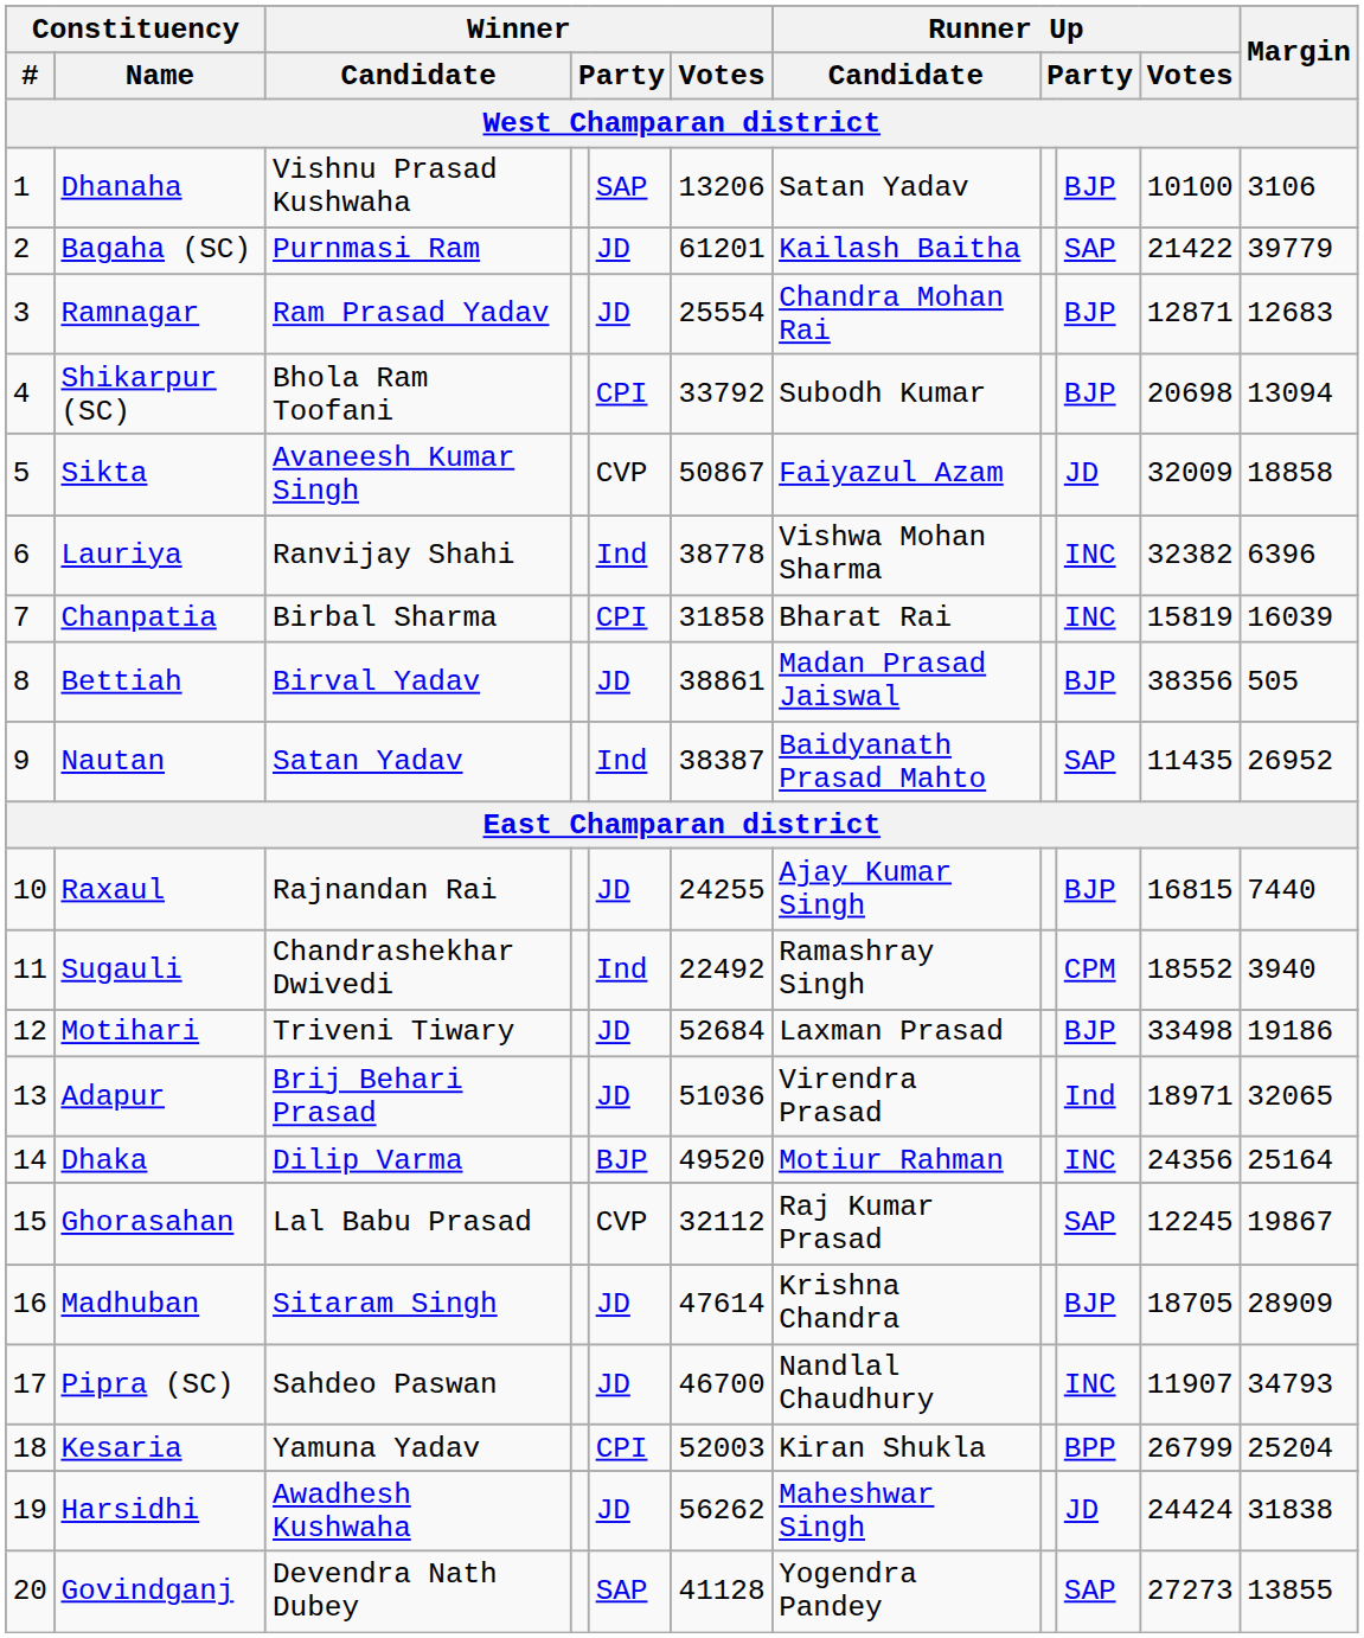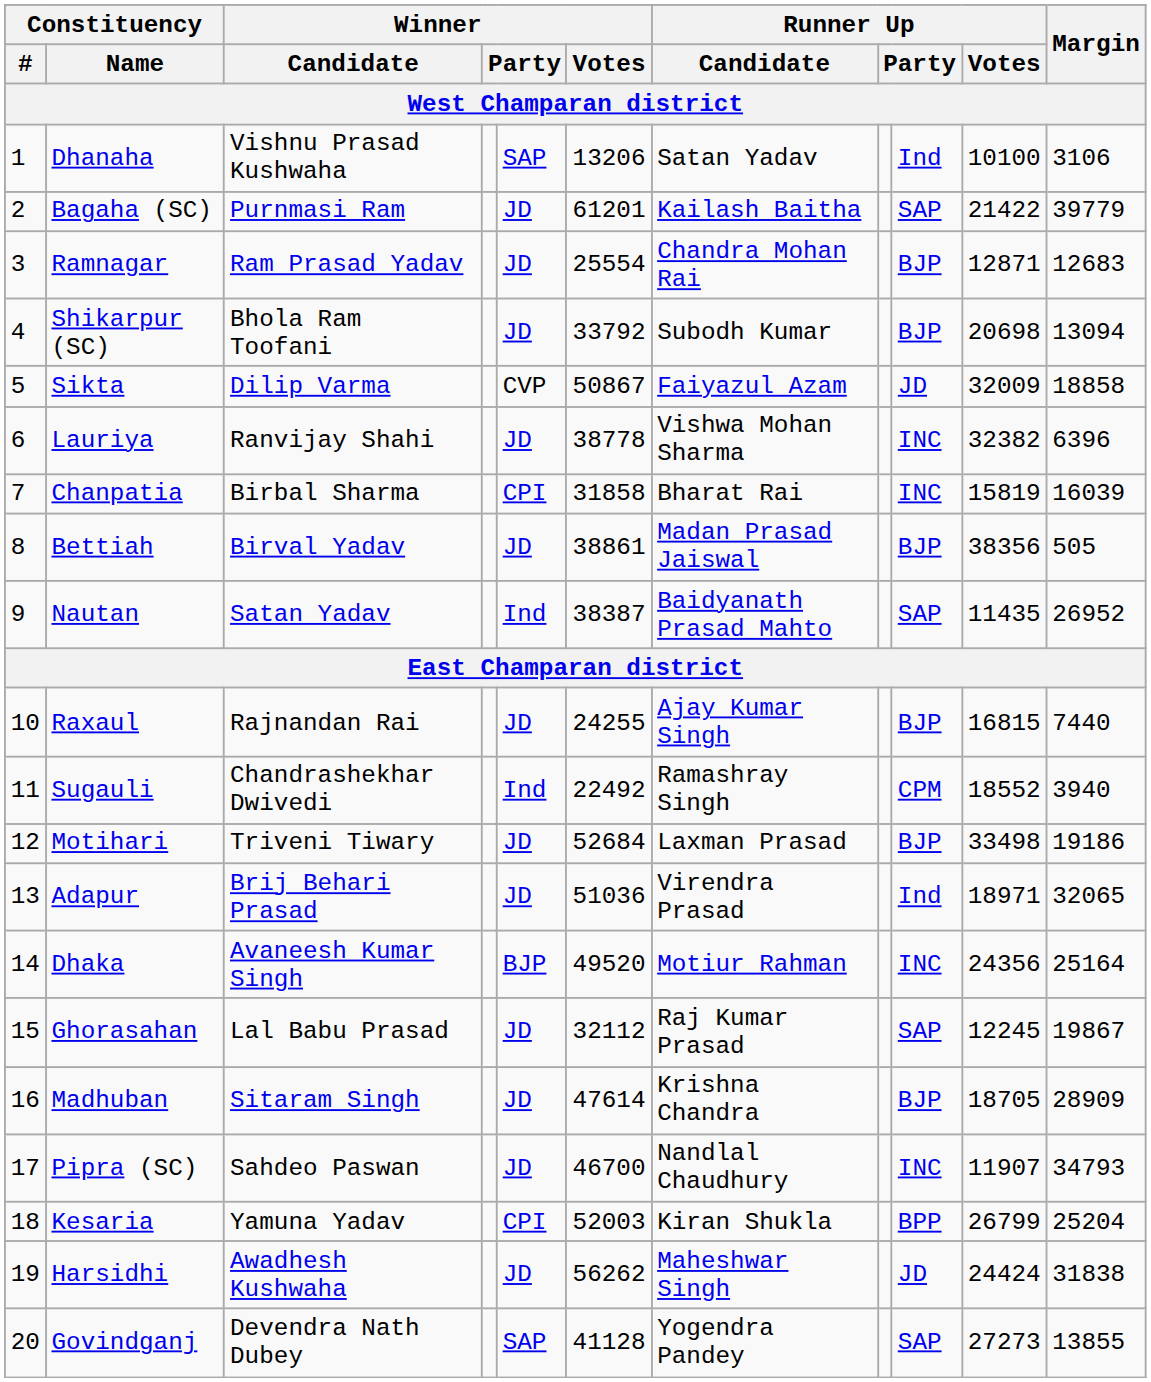 <table class="wikitable sortable">
 <tr>
 <th colspan="2">Constituency</th>
 <th colspan="4">Winner</th>
 <th colspan="4">Runner Up</th>
 <th rowspan="2">Margin</th>
 </tr>
 <tr>
 <th>#</th>
 <th>Name</th>
 <th>Candidate</th>
 <th colspan="2">Party</th>
 <th>Votes</th>
 <th>Candidate</th>
 <th colspan="2">Party</th>
 <th>Votes</th>
 </tr>
 <tr>
 <th colspan="11"><a href='#'>West Champaran district</a></th>
 </tr>
 <tr>
 <td>1</td>
 <td><a href='#'>Dhanaha</a></td>
 <td>Vishnu Prasad Kushwaha</td>
 <td style="background-color: "></td>
 <td><a href='#'>SAP</a></td>
 <td>13206</td>
 <td>Satan Yadav</td>
 <td style="background-color: "></td>
-<td><a href='#'>BJP</a></td>
+<td><a href='#'>Ind</a></td>
 <td>10100</td>
 <td>3106</td>
 </tr>
 <tr>
 <td>2</td>
 <td><a href='#'>Bagaha</a> (SC)</td>
 <td><a href='#'>Purnmasi Ram</a></td>
 <td style="background-color: "></td>
 <td><a href='#'>JD</a></td>
 <td>61201</td>
 <td><a href='#'>Kailash Baitha</a></td>
 <td style="background-color: "></td>
 <td><a href='#'>SAP</a></td>
 <td>21422</td>
 <td>39779</td>
 </tr>
 <tr>
 <td>3</td>
 <td><a href='#'>Ramnagar</a></td>
 <td><a href='#'>Ram Prasad Yadav</a></td>
 <td style="background-color: "></td>
 <td><a href='#'>JD</a></td>
 <td>25554</td>
 <td><a href='#'>Chandra Mohan Rai</a></td>
 <td style="background-color: "></td>
 <td><a href='#'>BJP</a></td>
 <td>12871</td>
 <td>12683</td>
 </tr>
 <tr>
 <td>4</td>
 <td><a href='#'>Shikarpur</a> (SC)</td>
 <td>Bhola Ram Toofani</td>
 <td style="background-color: "></td>
-<td><a href='#'>CPI</a></td>
+<td><a href='#'>JD</a></td>
 <td>33792</td>
 <td>Subodh Kumar</td>
 <td style="background-color: "></td>
 <td><a href='#'>BJP</a></td>
 <td>20698</td>
 <td>13094</td>
 </tr>
 <tr>
 <td>5</td>
 <td><a href='#'>Sikta</a></td>
-<td><a href='#'>Avaneesh Kumar Singh</a></td>
+<td><a href='#'>Dilip Varma</a></td>
 <td style="background-color: "></td>
 <td>CVP</td>
 <td>50867</td>
 <td><a href='#'>Faiyazul Azam</a></td>
 <td style="background-color: "></td>
 <td><a href='#'>JD</a></td>
 <td>32009</td>
 <td>18858</td>
 </tr>
 <tr>
 <td>6</td>
 <td><a href='#'>Lauriya</a></td>
 <td>Ranvijay Shahi</td>
 <td style="background-color: "></td>
-<td><a href='#'>Ind</a></td>
+<td><a href='#'>JD</a></td>
 <td>38778</td>
 <td>Vishwa Mohan Sharma</td>
 <td style="background-color: "></td>
 <td><a href='#'>INC</a></td>
 <td>32382</td>
 <td>6396</td>
 </tr>
 <tr>
 <td>7</td>
 <td><a href='#'>Chanpatia</a></td>
 <td>Birbal Sharma</td>
 <td style="background-color: "></td>
 <td><a href='#'>CPI</a></td>
 <td>31858</td>
 <td>Bharat Rai</td>
 <td style="background-color: "></td>
 <td><a href='#'>INC</a></td>
 <td>15819</td>
 <td>16039</td>
 </tr>
 <tr>
 <td>8</td>
 <td><a href='#'>Bettiah</a></td>
 <td><a href='#'>Birval Yadav</a></td>
 <td style="background-color: "></td>
 <td><a href='#'>JD</a></td>
 <td>38861</td>
 <td><a href='#'>Madan Prasad Jaiswal</a></td>
 <td style="background-color: "></td>
 <td><a href='#'>BJP</a></td>
 <td>38356</td>
 <td>505</td>
 </tr>
 <tr>
 <td>9</td>
 <td><a href='#'>Nautan</a></td>
 <td><a href='#'>Satan Yadav</a></td>
 <td style="background-color: "></td>
 <td><a href='#'>Ind</a></td>
 <td>38387</td>
 <td><a href='#'>Baidyanath Prasad Mahto</a></td>
 <td style="background-color: "></td>
 <td><a href='#'>SAP</a></td>
 <td>11435</td>
 <td>26952</td>
 </tr>
 <tr>
 <th colspan="11"><a href='#'>East Champaran district</a></th>
 </tr>
 <tr>
 <td>10</td>
 <td><a href='#'>Raxaul</a></td>
 <td>Rajnandan Rai</td>
 <td style="background-color: "></td>
 <td><a href='#'>JD</a></td>
 <td>24255</td>
 <td><a href='#'>Ajay Kumar Singh</a></td>
 <td style="background-color: "></td>
 <td><a href='#'>BJP</a></td>
 <td>16815</td>
 <td>7440</td>
 </tr>
 <tr>
 <td>11</td>
 <td><a href='#'>Sugauli</a></td>
 <td>Chandrashekhar Dwivedi</td>
 <td style="background-color: "></td>
 <td><a href='#'>Ind</a></td>
 <td>22492</td>
 <td>Ramashray Singh</td>
 <td style="background-color: "></td>
 <td><a href='#'>CPM</a></td>
 <td>18552</td>
 <td>3940</td>
 </tr>
 <tr>
 <td>12</td>
 <td><a href='#'>Motihari</a></td>
 <td>Triveni Tiwary</td>
 <td style="background-color: "></td>
 <td><a href='#'>JD</a></td>
 <td>52684</td>
 <td>Laxman Prasad</td>
 <td style="background-color: "></td>
 <td><a href='#'>BJP</a></td>
 <td>33498</td>
 <td>19186</td>
 </tr>
 <tr>
 <td>13</td>
 <td><a href='#'>Adapur</a></td>
 <td><a href='#'>Brij Behari Prasad</a></td>
 <td style="background-color: "></td>
 <td><a href='#'>JD</a></td>
 <td>51036</td>
 <td>Virendra Prasad</td>
 <td style="background-color: "></td>
 <td><a href='#'>Ind</a></td>
 <td>18971</td>
 <td>32065</td>
 </tr>
 <tr>
 <td>14</td>
 <td><a href='#'>Dhaka</a></td>
-<td><a href='#'>Dilip Varma</a></td>
+<td><a href='#'>Avaneesh Kumar Singh</a></td>
 <td style="background-color: "></td>
 <td><a href='#'>BJP</a></td>
 <td>49520</td>
 <td><a href='#'>Motiur Rahman</a></td>
 <td style="background-color: "></td>
 <td><a href='#'>INC</a></td>
 <td>24356</td>
 <td>25164</td>
 </tr>
 <tr>
 <td>15</td>
 <td><a href='#'>Ghorasahan</a></td>
 <td>Lal Babu Prasad</td>
 <td style="background-color: "></td>
-<td>CVP</td>
+<td><a href='#'>JD</a></td>
 <td>32112</td>
 <td>Raj Kumar Prasad</td>
 <td style="background-color: "></td>
 <td><a href='#'>SAP</a></td>
 <td>12245</td>
 <td>19867</td>
 </tr>
 <tr>
 <td>16</td>
 <td><a href='#'>Madhuban</a></td>
 <td><a href='#'>Sitaram Singh</a></td>
 <td style="background-color: "></td>
 <td><a href='#'>JD</a></td>
 <td>47614</td>
 <td>Krishna Chandra</td>
 <td style="background-color: "></td>
 <td><a href='#'>BJP</a></td>
 <td>18705</td>
 <td>28909</td>
 </tr>
 <tr>
 <td>17</td>
 <td><a href='#'>Pipra</a> (SC)</td>
 <td>Sahdeo Paswan</td>
 <td style="background-color: "></td>
 <td><a href='#'>JD</a></td>
 <td>46700</td>
 <td>Nandlal Chaudhury</td>
 <td style="background-color: "></td>
 <td><a href='#'>INC</a></td>
 <td>11907</td>
 <td>34793</td>
 </tr>
 <tr>
 <td>18</td>
 <td><a href='#'>Kesaria</a></td>
 <td>Yamuna Yadav</td>
 <td style="background-color: "></td>
 <td><a href='#'>CPI</a></td>
 <td>52003</td>
 <td>Kiran Shukla</td>
 <td style="background-color: "></td>
 <td><a href='#'>BPP</a></td>
 <td>26799</td>
 <td>25204</td>
 </tr>
 <tr>
 <td>19</td>
 <td><a href='#'>Harsidhi</a></td>
 <td><a href='#'>Awadhesh Kushwaha</a></td>
 <td style="background-color: "></td>
 <td><a href='#'>JD</a></td>
 <td>56262</td>
 <td><a href='#'>Maheshwar Singh</a></td>
 <td style="background-color: "></td>
 <td><a href='#'>JD</a></td>
 <td>24424</td>
 <td>31838</td>
 </tr>
 <tr>
 <td>20</td>
 <td><a href='#'>Govindganj</a></td>
 <td>Devendra Nath Dubey</td>
 <td style="background-color: "></td>
 <td><a href='#'>SAP</a></td>
 <td>41128</td>
 <td>Yogendra Pandey</td>
 <td style="background-color: "></td>
 <td><a href='#'>SAP</a></td>
 <td>27273</td>
 <td>13855</td>
 </tr>
 </table>
